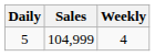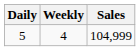 <table class="wikitable">
 <tr>
 <th>Daily</th>
+<th>Weekly</th>
 <th>Sales</th>
-<th>Weekly</th>
 </tr>
 <tr>
 <td align="center">5</td>
+<td align="center">4</td>
 <td>104,999</td>
-<td align="center">4</td>
 </tr>
 </table>
